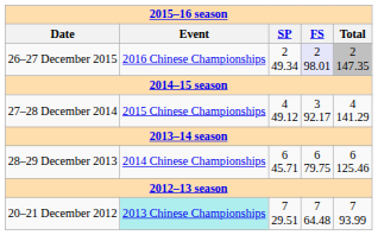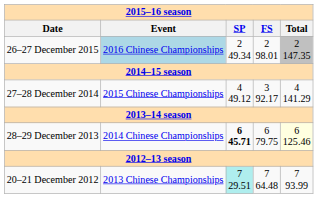 <table class="wikitable">
 <tr>
 <th style="background-color: #ffdead;" colspan=6><a href='#'>2015–16 season</a></th>
 </tr>
 <tr>
 <th>Date</th>
 <th>Event</th>
 <th><a href='#'>SP</a></th>
 <th><a href='#'>FS</a></th>
 <th>Total</th>
 </tr>
 <tr>
 <td>26–27 December 2015</td>
-<td><a href='#'>2016 Chinese Championships</a></td>
+<td style="background: lightblue;"><a href='#'>2016 Chinese Championships</a></td>
 <td align=center>2 <br> 49.34</td>
-<td align=center style="background: lavender;">2 <br> 98.01</td>
+<td align=center>2 <br> 98.01</td>
 <td align=center bgcolor=silver>2 <br> 147.35</td>
 </tr>
 <tr>
 <th style="background-color: #ffdead;" colspan=6><a href='#'>2014–15 season</a></th>
 </tr>
 <tr>
 <td>27–28 December 2014</td>
 <td><a href='#'>2015 Chinese Championships</a></td>
 <td align=center>4 <br> 49.12</td>
 <td align=center>3 <br> 92.17</td>
 <td align=center>4 <br> 141.29</td>
 </tr>
 <tr>
 <th style="background-color: #ffdead;" colspan=6><a href='#'>2013–14 season</a></th>
 </tr>
 <tr>
 <td>28–29 December 2013</td>
 <td><a href='#'>2014 Chinese Championships</a></td>
-<td align=center>6 <br> 45.71</td>
+<td align=center><strong>6 <br> 45.71</strong></td>
 <td align=center>6 <br> 79.75</td>
-<td align=center>6 <br> 125.46</td>
+<td align=center style="background: lightyellow;">6 <br> 125.46</td>
 </tr>
 <tr>
 <th style="background-color: #ffdead;" colspan=6><a href='#'>2012–13 season</a></th>
 </tr>
 <tr>
 <td>20–21 December 2012</td>
-<td style="background: paleturquoise;"><a href='#'>2013 Chinese Championships</a></td>
-<td align=center>7 <br> 29.51</td>
+<td><a href='#'>2013 Chinese Championships</a></td>
+<td align=center style="background: paleturquoise;">7 <br> 29.51</td>
 <td align=center>7 <br> 64.48</td>
 <td align=center>7 <br> 93.99</td>
 </tr>
 </table>
